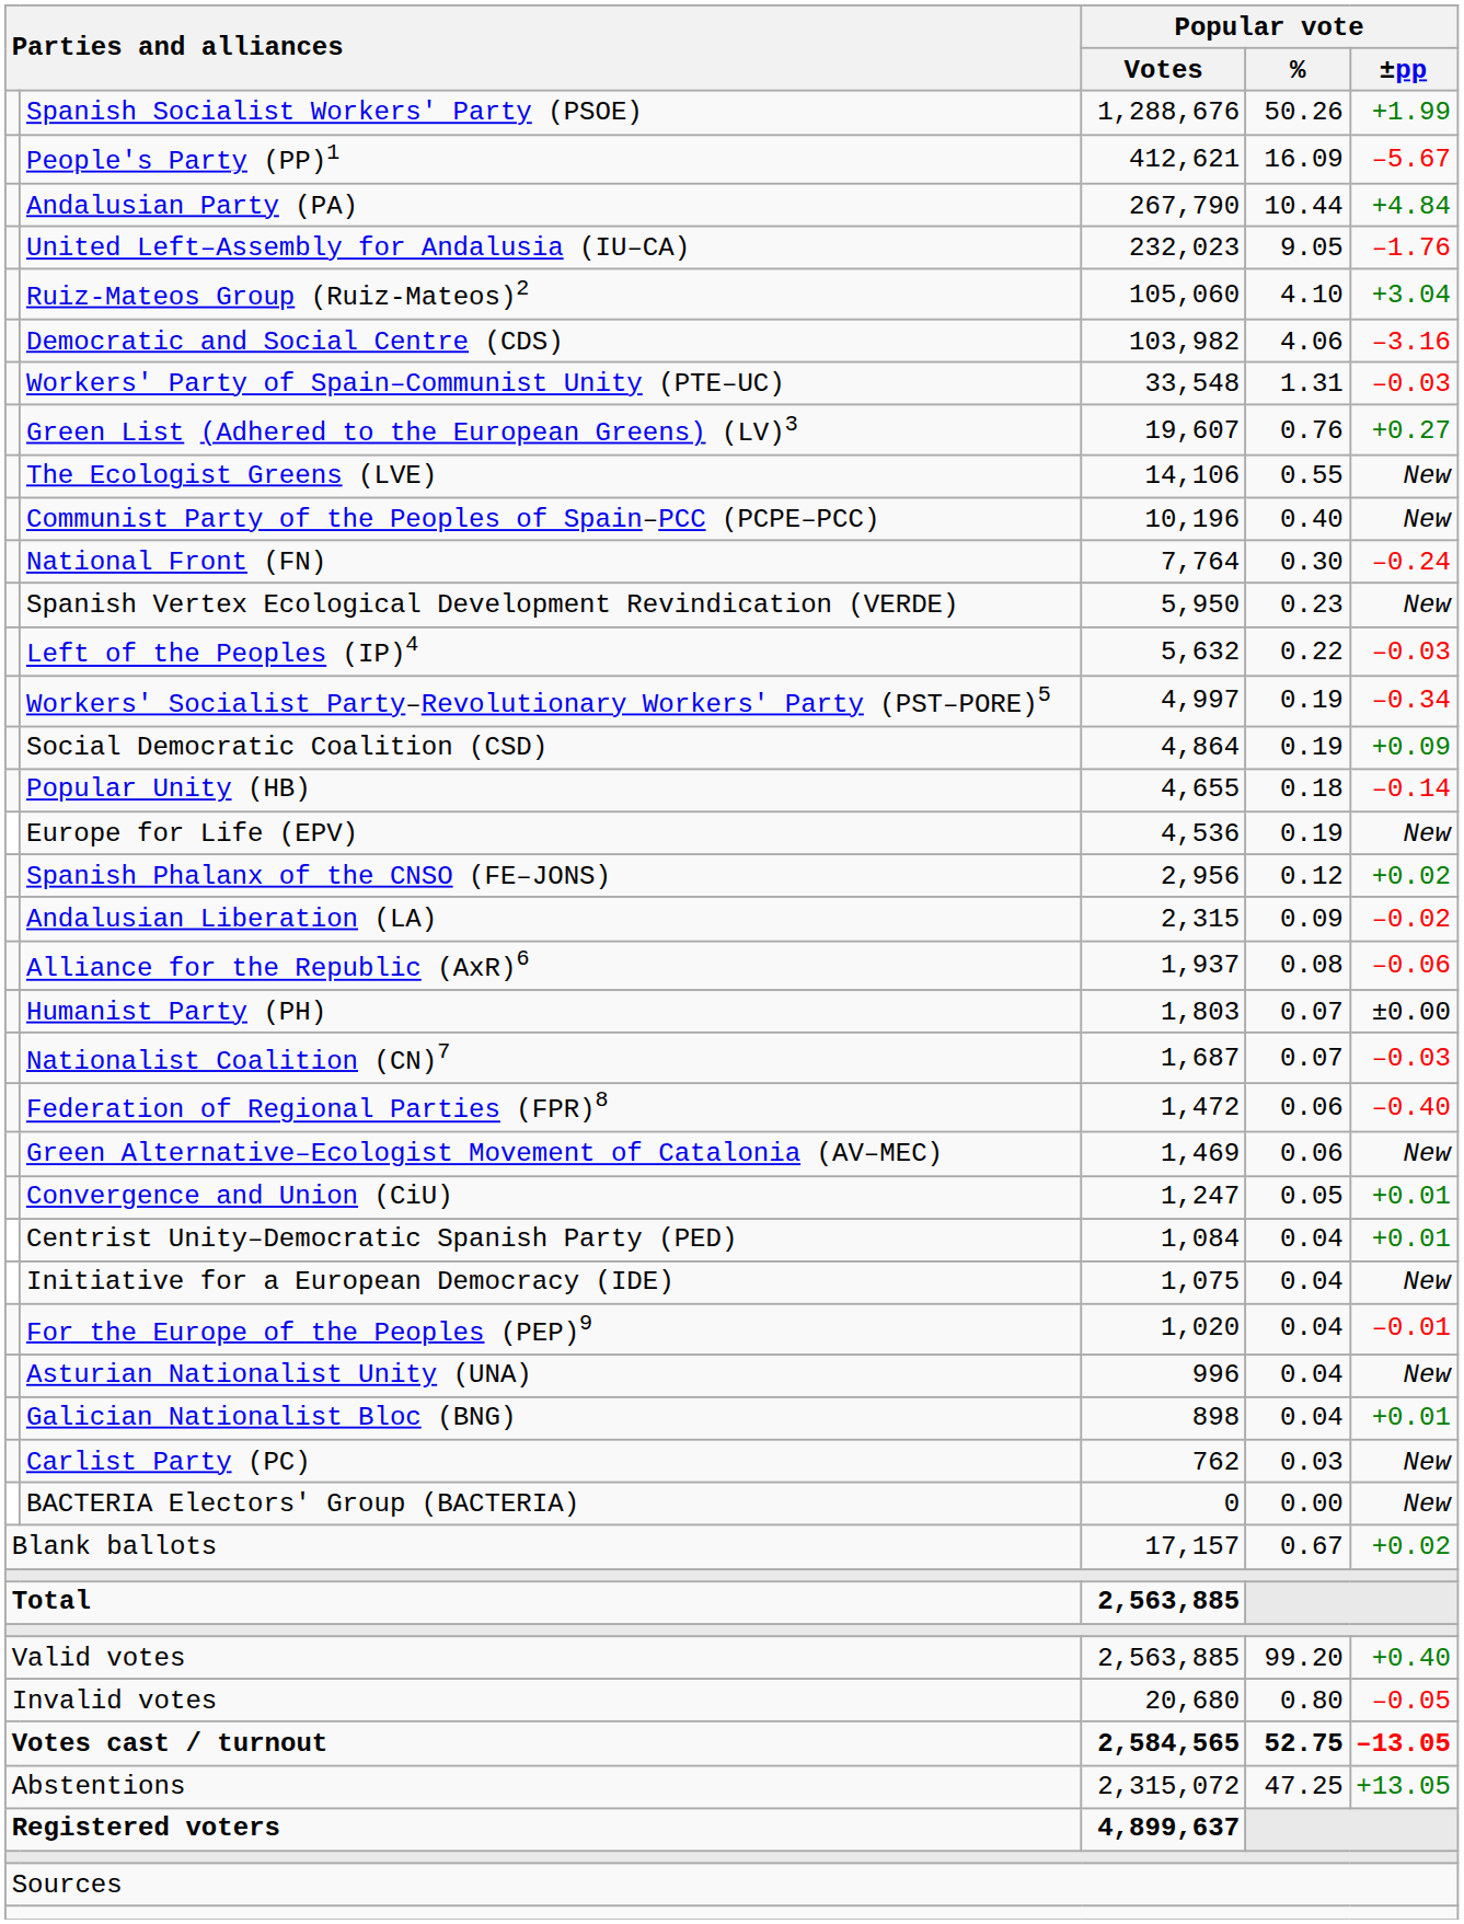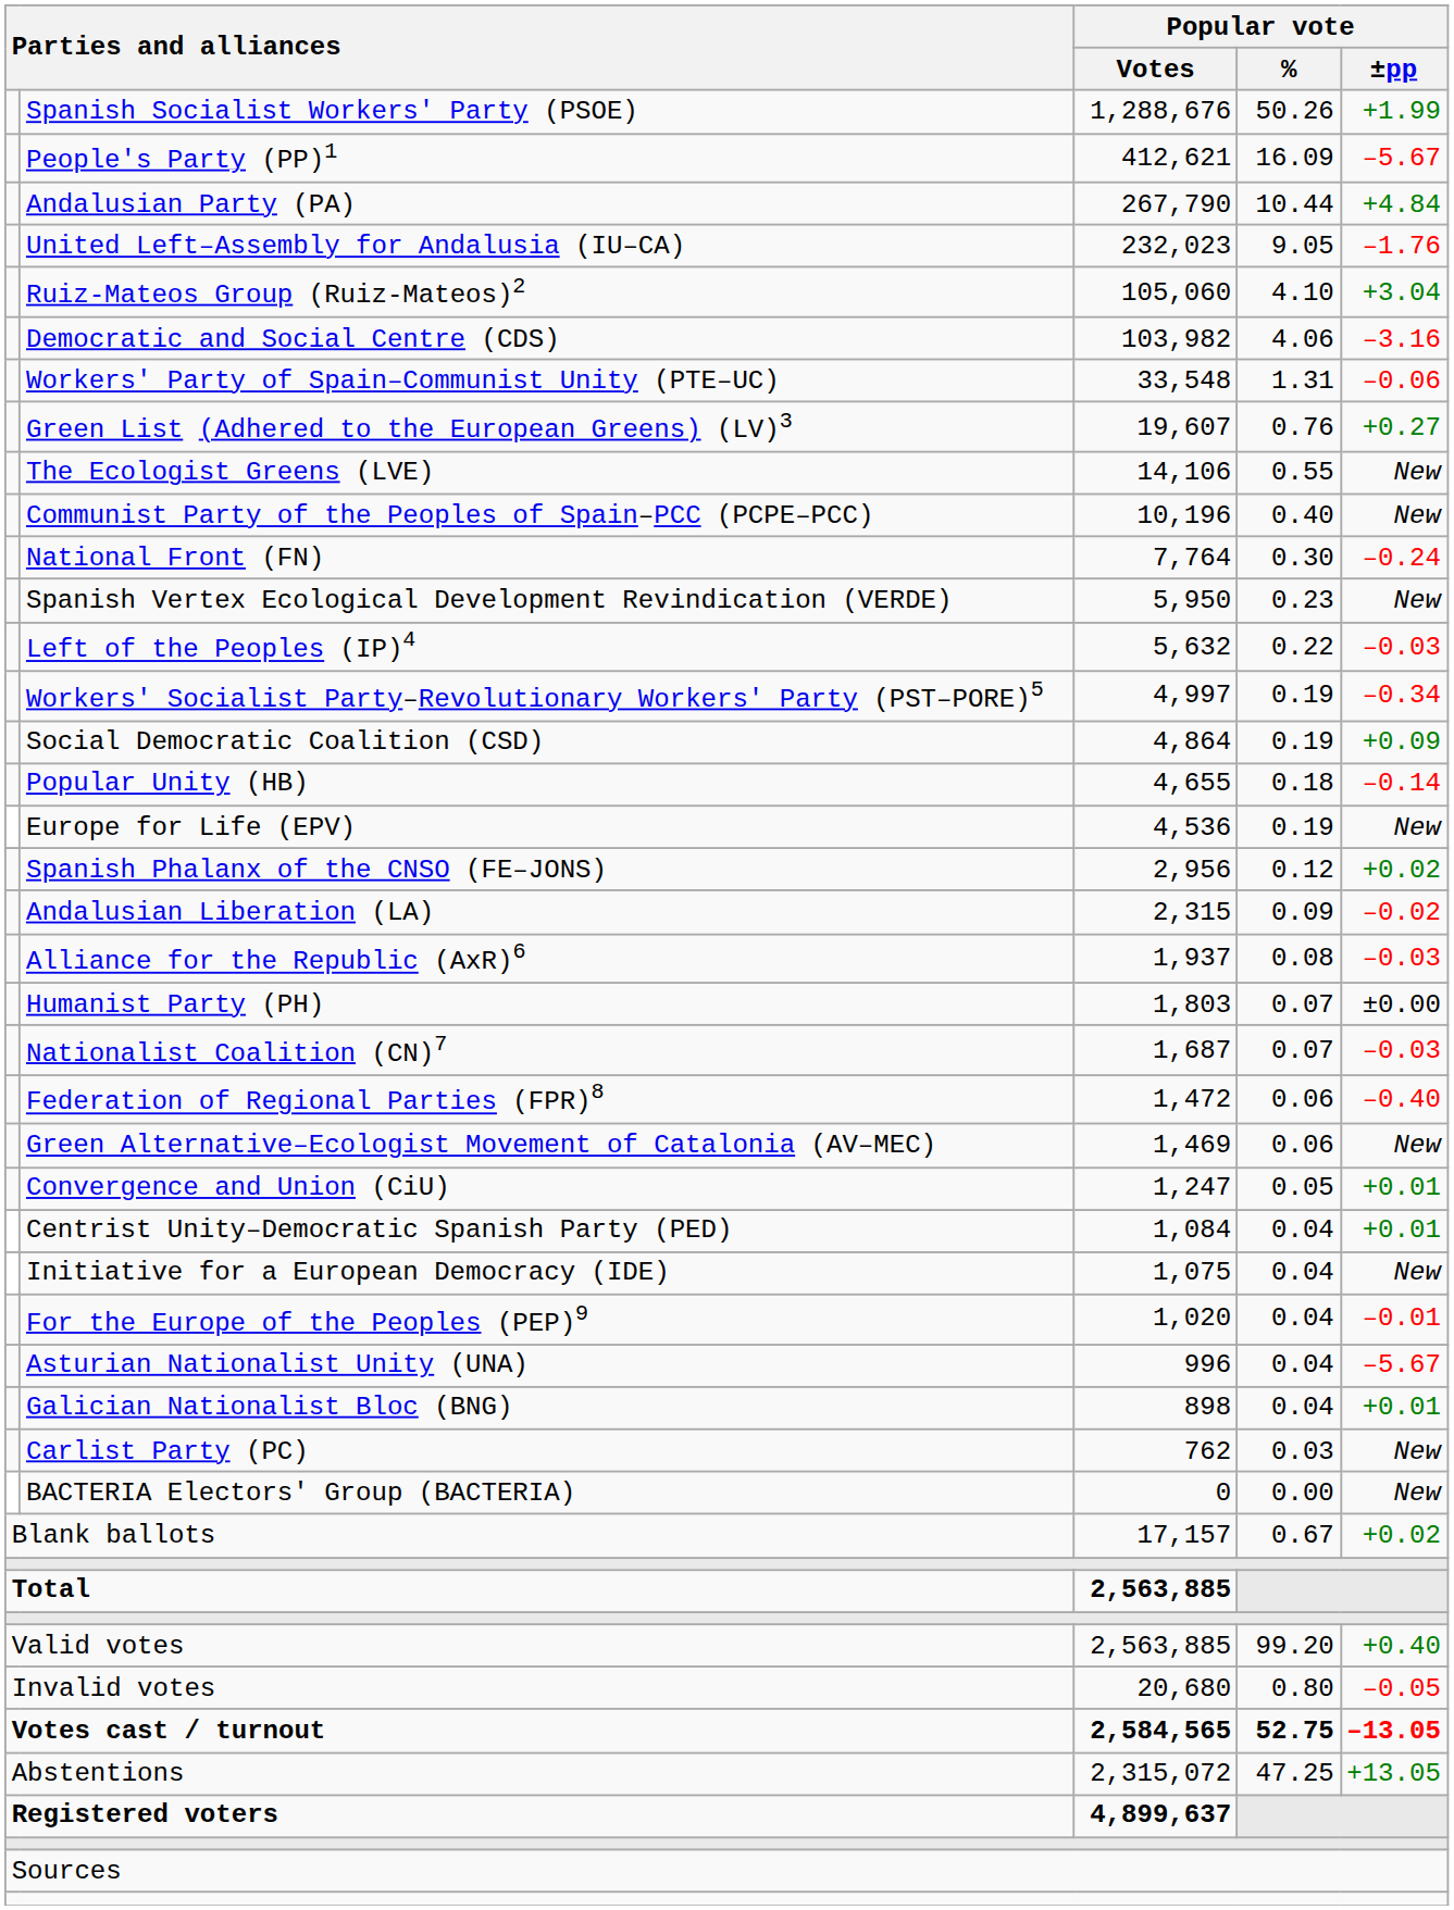 <table class="wikitable" style="text-align:right">
 <tr>
 <th style="text-align:left;" rowspan="2" colspan="2" width="525">Parties and alliances</th>
 <th colspan="3">Popular vote</th>
 </tr>
 <tr>
 <th width="75">Votes</th>
 <th width="45">%</th>
 <th width="45">±<a href='#'>pp</a></th>
 </tr>
 <tr>
 <td width="1" style="color:inherit;background:"></td>
 <td align="left"><a href='#'>Spanish Socialist Workers' Party</a> (PSOE)</td>
 <td>1,288,676</td>
 <td>50.26</td>
 <td style="color:green;">+1.99</td>
 </tr>
 <tr>
 <td style="color:inherit;background:"></td>
 <td align="left"><a href='#'>People's Party</a> (PP)<sup>1</sup></td>
 <td>412,621</td>
 <td>16.09</td>
 <td style="color:red;">–5.67</td>
 </tr>
 <tr>
 <td style="color:inherit;background:"></td>
 <td align="left"><a href='#'>Andalusian Party</a> (PA)</td>
 <td>267,790</td>
 <td>10.44</td>
 <td style="color:green;">+4.84</td>
 </tr>
 <tr>
 <td style="color:inherit;background:"></td>
 <td align="left"><a href='#'>United Left–Assembly for Andalusia</a> (IU–CA)</td>
 <td>232,023</td>
 <td>9.05</td>
 <td style="color:red;">–1.76</td>
 </tr>
 <tr>
 <td style="color:inherit;background:"></td>
 <td align="left"><a href='#'>Ruiz-Mateos Group</a> (Ruiz-Mateos)<sup>2</sup></td>
 <td>105,060</td>
 <td>4.10</td>
 <td style="color:green;">+3.04</td>
 </tr>
 <tr>
 <td style="color:inherit;background:"></td>
 <td align="left"><a href='#'>Democratic and Social Centre</a> (CDS)</td>
 <td>103,982</td>
 <td>4.06</td>
 <td style="color:red;">–3.16</td>
 </tr>
 <tr>
 <td style="color:inherit;background:"></td>
 <td align="left"><a href='#'>Workers' Party of Spain–Communist Unity</a> (PTE–UC)</td>
 <td>33,548</td>
 <td>1.31</td>
-<td style="color:red;">–0.03</td>
+<td style="color:red;">–0.06</td>
 </tr>
 <tr>
 <td style="color:inherit;background:"></td>
 <td align="left"><a href='#'>Green List</a> <a href='#'>(Adhered to the European Greens)</a> (LV)<sup>3</sup></td>
 <td>19,607</td>
 <td>0.76</td>
 <td style="color:green;">+0.27</td>
 </tr>
 <tr>
 <td style="color:inherit;background:"></td>
 <td align="left"><a href='#'>The Ecologist Greens</a> (LVE)</td>
 <td>14,106</td>
 <td>0.55</td>
 <td><em>New</em></td>
 </tr>
 <tr>
 <td style="color:inherit;background:"></td>
 <td align="left"><a href='#'>Communist Party of the Peoples of Spain</a>–<a href='#'>PCC</a> (PCPE–PCC)</td>
 <td>10,196</td>
 <td>0.40</td>
 <td><em>New</em></td>
 </tr>
 <tr>
 <td style="color:inherit;background:"></td>
 <td align="left"><a href='#'>National Front</a> (FN)</td>
 <td>7,764</td>
 <td>0.30</td>
 <td style="color:red;">–0.24</td>
 </tr>
 <tr>
 <td style="color:inherit;background:"></td>
 <td align="left">Spanish Vertex Ecological Development Revindication (VERDE)</td>
 <td>5,950</td>
 <td>0.23</td>
 <td><em>New</em></td>
 </tr>
 <tr>
 <td style="color:inherit;background:"></td>
 <td align="left"><a href='#'>Left of the Peoples</a> (IP)<sup>4</sup></td>
 <td>5,632</td>
 <td>0.22</td>
 <td style="color:red;">–0.03</td>
 </tr>
 <tr>
 <td style="color:inherit;background:"></td>
 <td align="left"><a href='#'>Workers' Socialist Party</a>–<a href='#'>Revolutionary Workers' Party</a> (PST–PORE)<sup>5</sup></td>
 <td>4,997</td>
 <td>0.19</td>
 <td style="color:red;">–0.34</td>
 </tr>
 <tr>
 <td style="color:inherit;background:"></td>
 <td align="left">Social Democratic Coalition (CSD)</td>
 <td>4,864</td>
 <td>0.19</td>
 <td style="color:green;">+0.09</td>
 </tr>
 <tr>
 <td style="color:inherit;background:"></td>
 <td align="left"><a href='#'>Popular Unity</a> (HB)</td>
 <td>4,655</td>
 <td>0.18</td>
 <td style="color:red;">–0.14</td>
 </tr>
 <tr>
 <td bgcolor="white"></td>
 <td align="left">Europe for Life (EPV)</td>
 <td>4,536</td>
 <td>0.19</td>
 <td><em>New</em></td>
 </tr>
 <tr>
 <td style="color:inherit;background:"></td>
 <td align="left"><a href='#'>Spanish Phalanx of the CNSO</a> (FE–JONS)</td>
 <td>2,956</td>
 <td>0.12</td>
 <td style="color:green;">+0.02</td>
 </tr>
 <tr>
 <td style="color:inherit;background:"></td>
 <td align="left"><a href='#'>Andalusian Liberation</a> (LA)</td>
 <td>2,315</td>
 <td>0.09</td>
 <td style="color:red;">–0.02</td>
 </tr>
 <tr>
 <td style="color:inherit;background:"></td>
 <td align="left"><a href='#'>Alliance for the Republic</a> (AxR)<sup>6</sup></td>
 <td>1,937</td>
 <td>0.08</td>
-<td style="color:red;">–0.06</td>
+<td style="color:red;">–0.03</td>
 </tr>
 <tr>
 <td style="color:inherit;background:"></td>
 <td align="left"><a href='#'>Humanist Party</a> (PH)</td>
 <td>1,803</td>
 <td>0.07</td>
 <td>±0.00</td>
 </tr>
 <tr>
 <td style="color:inherit;background:"></td>
 <td align="left"><a href='#'>Nationalist Coalition</a> (CN)<sup>7</sup></td>
 <td>1,687</td>
 <td>0.07</td>
 <td style="color:red;">–0.03</td>
 </tr>
 <tr>
 <td style="color:inherit;background:"></td>
 <td align="left"><a href='#'>Federation of Regional Parties</a> (FPR)<sup>8</sup></td>
 <td>1,472</td>
 <td>0.06</td>
 <td style="color:red;">–0.40</td>
 </tr>
 <tr>
 <td style="color:inherit;background:"></td>
 <td align="left"><a href='#'>Green Alternative–Ecologist Movement of Catalonia</a> (AV–MEC)</td>
 <td>1,469</td>
 <td>0.06</td>
 <td><em>New</em></td>
 </tr>
 <tr>
 <td style="color:inherit;background:"></td>
 <td align="left"><a href='#'>Convergence and Union</a> (CiU)</td>
 <td>1,247</td>
 <td>0.05</td>
 <td style="color:green;">+0.01</td>
 </tr>
 <tr>
 <td bgcolor="white"></td>
 <td align="left">Centrist Unity–Democratic Spanish Party (PED)</td>
 <td>1,084</td>
 <td>0.04</td>
 <td style="color:green;">+0.01</td>
 </tr>
 <tr>
 <td bgcolor="white"></td>
 <td align="left">Initiative for a European Democracy (IDE)</td>
 <td>1,075</td>
 <td>0.04</td>
 <td><em>New</em></td>
 </tr>
 <tr>
 <td style="color:inherit;background:"></td>
 <td align="left"><a href='#'>For the Europe of the Peoples</a> (PEP)<sup>9</sup></td>
 <td>1,020</td>
 <td>0.04</td>
 <td style="color:red;">–0.01</td>
 </tr>
 <tr>
 <td style="color:inherit;background:"></td>
 <td align="left"><a href='#'>Asturian Nationalist Unity</a> (UNA)</td>
 <td>996</td>
 <td>0.04</td>
-<td><em>New</em></td>
+<td style="color:red;">–5.67</td>
 </tr>
 <tr>
 <td style="color:inherit;background:"></td>
 <td align="left"><a href='#'>Galician Nationalist Bloc</a> (BNG)</td>
 <td>898</td>
 <td>0.04</td>
 <td style="color:green;">+0.01</td>
 </tr>
 <tr>
 <td style="color:inherit;background:"></td>
 <td align="left"><a href='#'>Carlist Party</a> (PC)</td>
 <td>762</td>
 <td>0.03</td>
 <td><em>New</em></td>
 </tr>
 <tr>
 <td bgcolor="white"></td>
 <td align="left">BACTERIA Electors' Group (BACTERIA)</td>
 <td>0</td>
 <td>0.00</td>
 <td><em>New</em></td>
 </tr>
 <tr>
 <td align="left" colspan="2">Blank ballots</td>
 <td>17,157</td>
 <td>0.67</td>
 <td style="color:green;">+0.02</td>
 </tr>
 <tr>
 <td colspan="5" bgcolor="#E9E9E9"></td>
 </tr>
 <tr style="font-weight:bold;">
 <td align="left" colspan="2">Total</td>
 <td>2,563,885</td>
 <td bgcolor="#E9E9E9" colspan="2"></td>
 </tr>
 <tr>
 <td colspan="5" bgcolor="#E9E9E9"></td>
 </tr>
 <tr>
 <td align="left" colspan="2">Valid votes</td>
 <td>2,563,885</td>
 <td>99.20</td>
 <td style="color:green;">+0.40</td>
 </tr>
 <tr>
 <td align="left" colspan="2">Invalid votes</td>
 <td>20,680</td>
 <td>0.80</td>
 <td style="color:red;">–0.05</td>
 </tr>
 <tr style="font-weight:bold;">
 <td align="left" colspan="2">Votes cast / turnout</td>
 <td>2,584,565</td>
 <td>52.75</td>
 <td style="color:red;">–13.05</td>
 </tr>
 <tr>
 <td align="left" colspan="2">Abstentions</td>
 <td>2,315,072</td>
 <td>47.25</td>
 <td style="color:green;">+13.05</td>
 </tr>
 <tr style="font-weight:bold;">
 <td align="left" colspan="2">Registered voters</td>
 <td>4,899,637</td>
 <td bgcolor="#E9E9E9" colspan="2"></td>
 </tr>
 <tr>
 <td colspan="5" bgcolor="#E9E9E9"></td>
 </tr>
 <tr>
 <td align="left" colspan="5">Sources</td>
 </tr>
 <tr>
 <td colspan="5" style="text-align:left; max-width:680px;"></td>
 </tr>
 </table>
